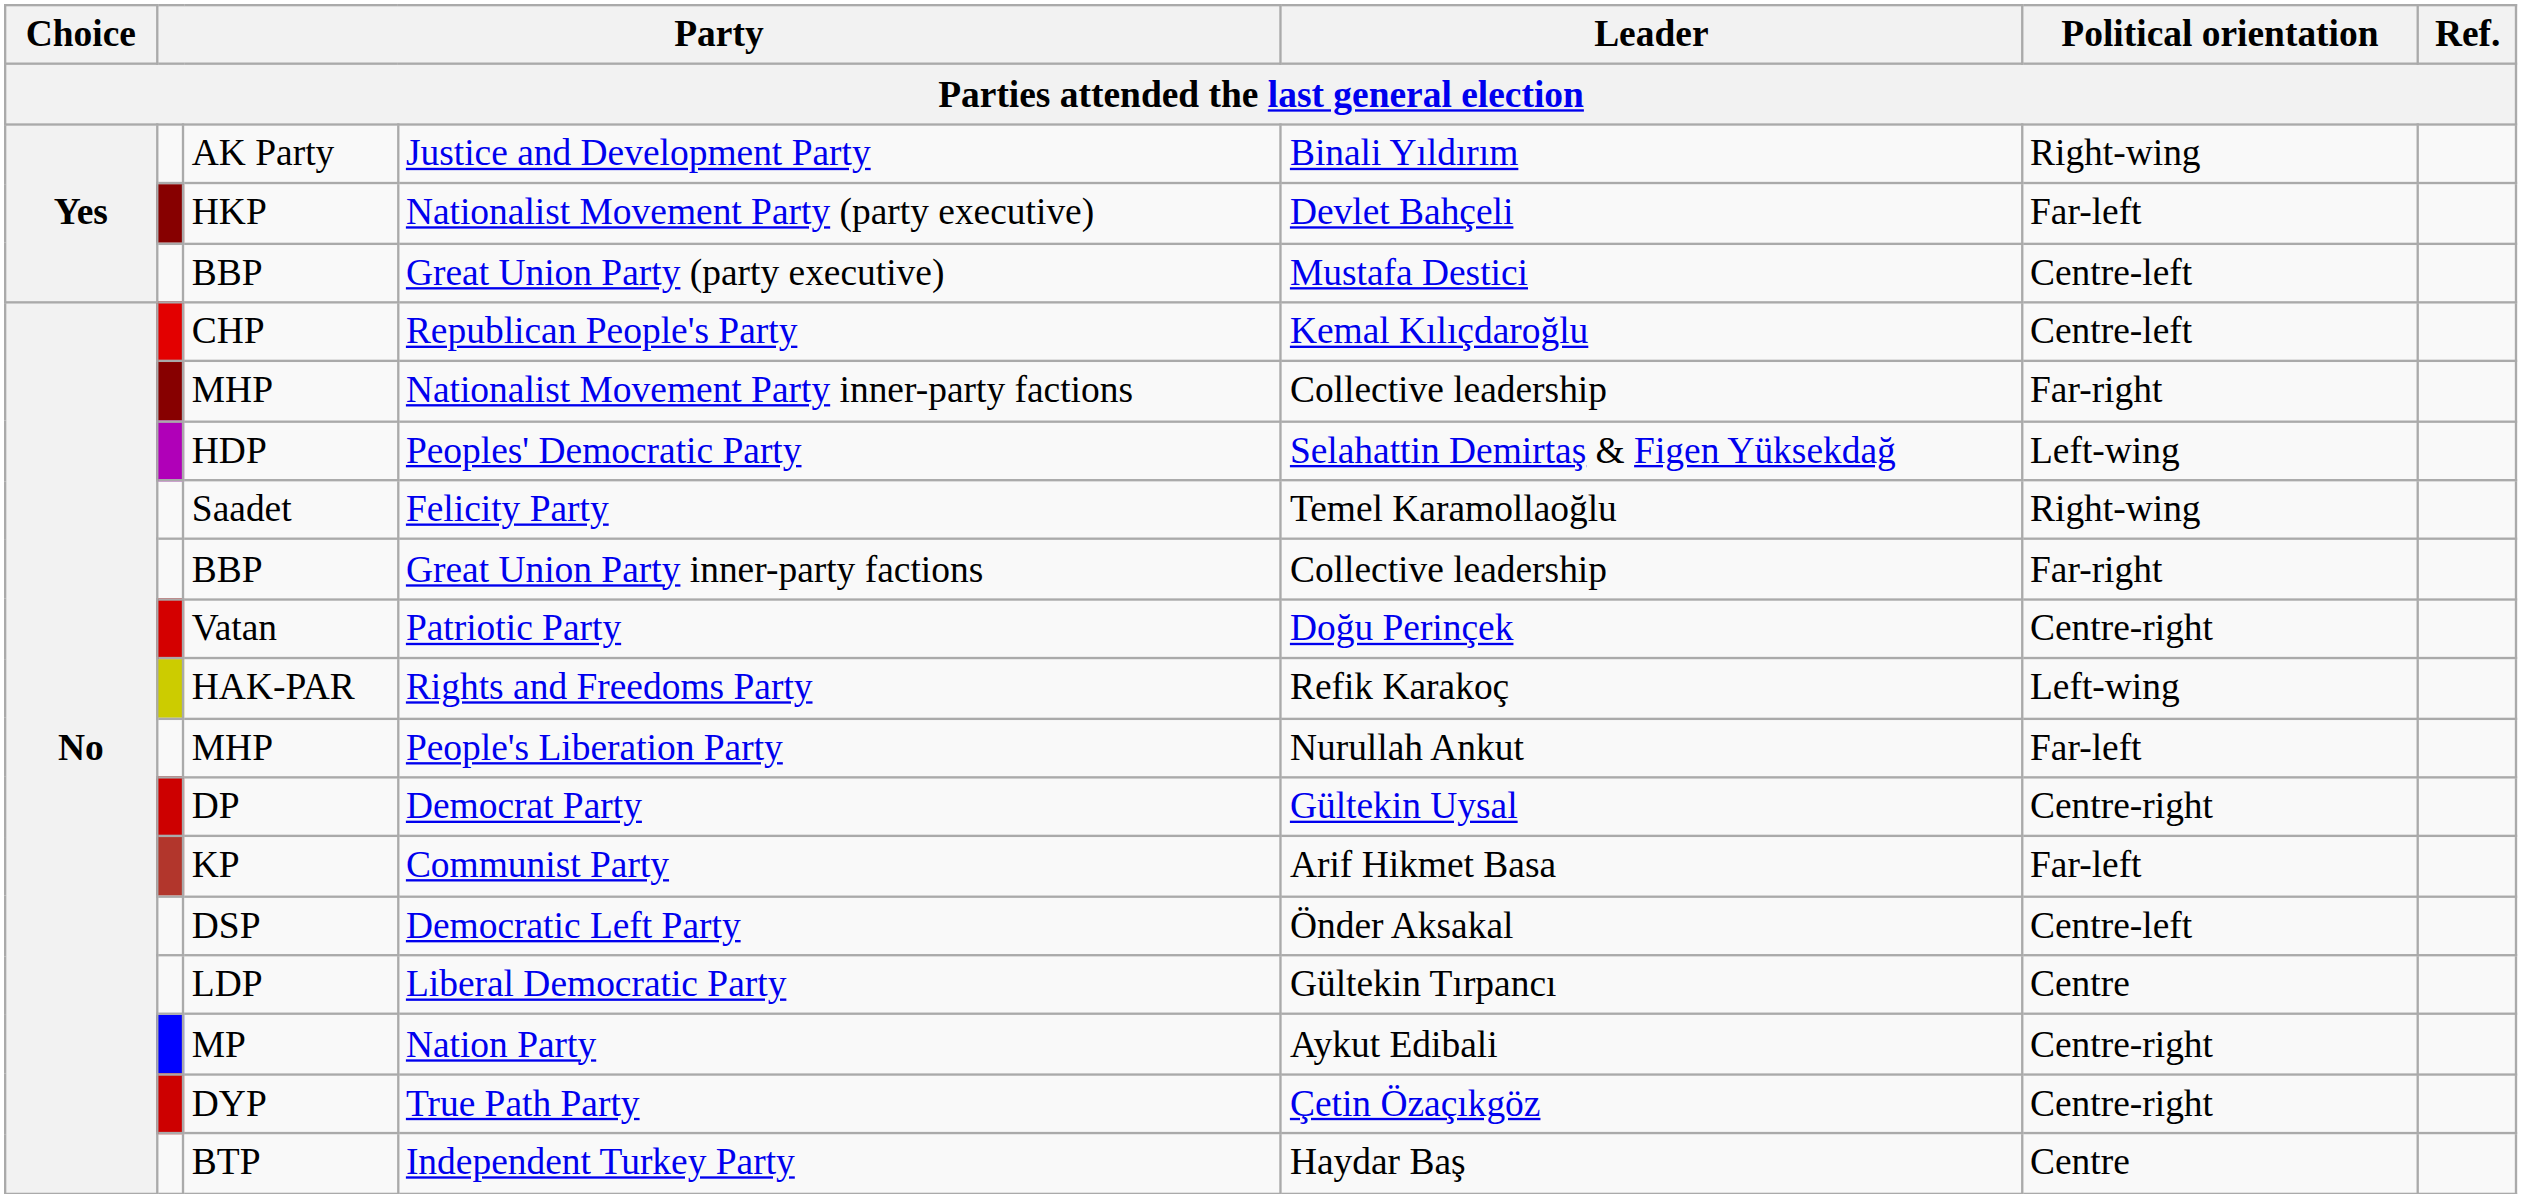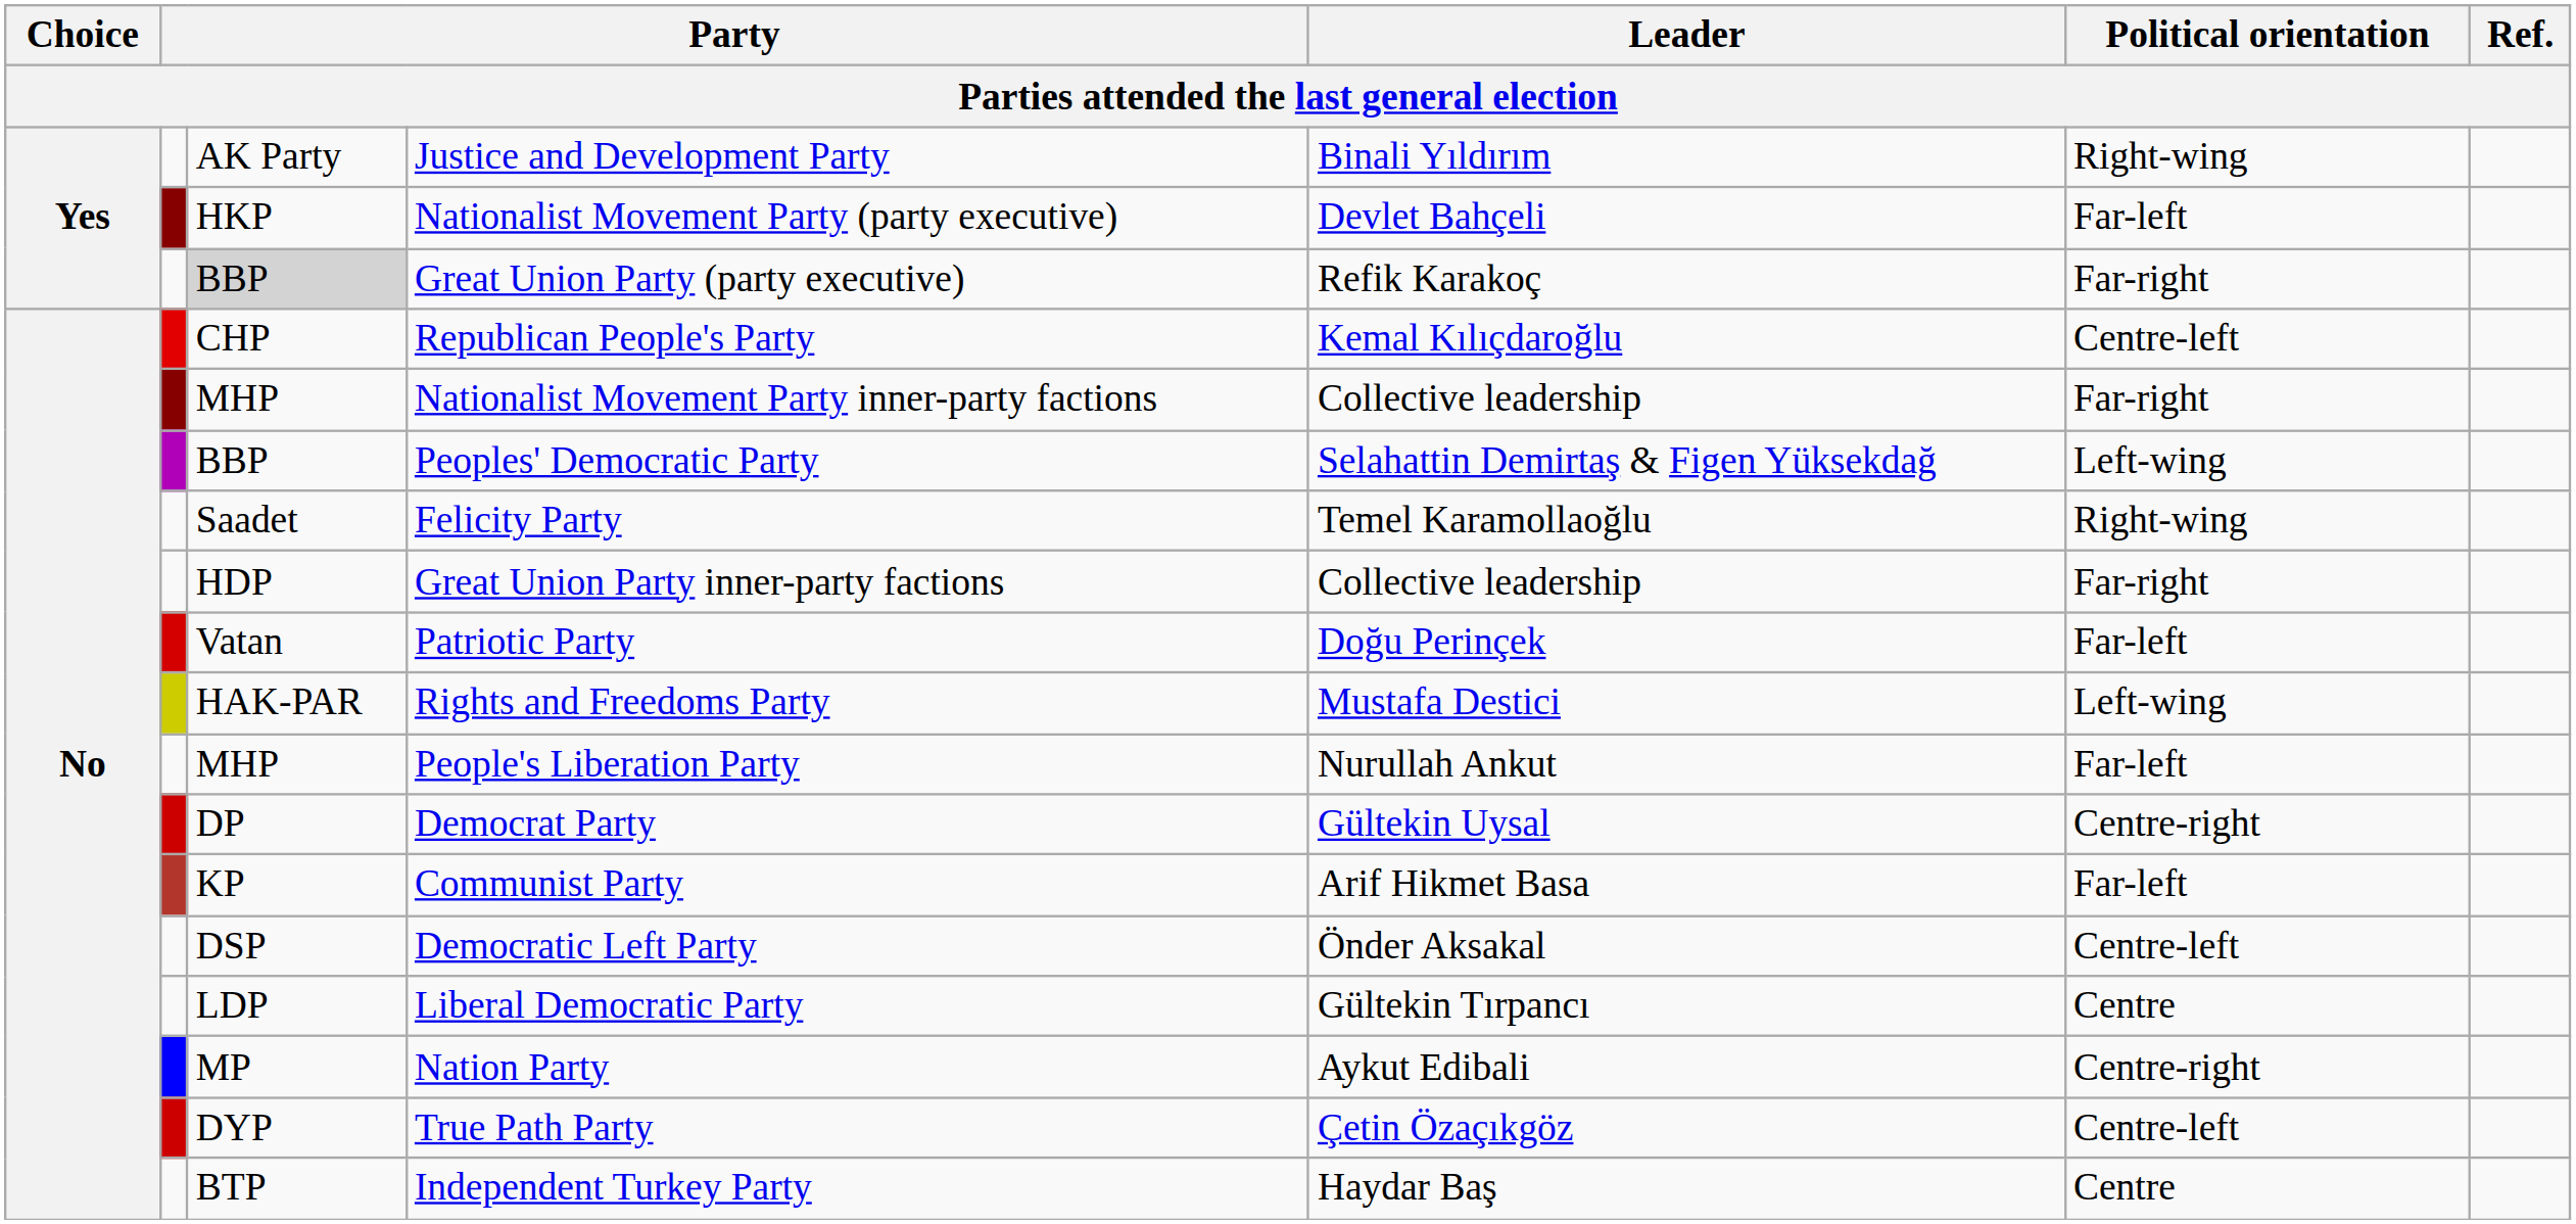 <table class="wikitable sortable collapsible collapsed" style="border:none;width:85%">
 <tr>
 <th>Choice</th>
 <th colspan="3">Party</th>
 <th>Leader</th>
 <th>Political orientation</th>
 <th>Ref.</th>
 </tr>
 <tr>
 <th colspan="7"><strong>Parties</strong> attended the <a href='#'>last general election</a></th>
 </tr>
 <tr>
 <th rowspan=3> Yes</th>
 <td style="background:"></td>
 <td>AK Party</td>
 <td><a href='#'>Justice and Development Party</a></td>
 <td><a href='#'>Binali Yıldırım</a></td>
 <td>Right-wing</td>
 <td></td>
 </tr>
 <tr>
 <td style="background:#870000; width:4px; text-align:center;"></td>
 <td>HKP</td>
 <td><a href='#'>Nationalist Movement Party</a> (party executive)</td>
 <td><a href='#'>Devlet Bahçeli</a></td>
 <td>Far-left</td>
 <td></td>
 </tr>
 <tr>
 <td style="background:"></td>
-<td>BBP</td>
+<td style="background: lightgrey;">BBP</td>
 <td><a href='#'>Great Union Party</a> (party executive)</td>
-<td><a href='#'>Mustafa Destici</a></td>
-<td>Centre-left</td>
+<td>Refik Karakoç</td>
+<td>Far-right</td>
 <td></td>
 </tr>
 <tr>
 <th rowspan=15> No</th>
 <td style="background:#e30000; width:4px; text-align:center;"></td>
 <td>CHP</td>
 <td><a href='#'>Republican People's Party</a></td>
 <td><a href='#'>Kemal Kılıçdaroğlu</a></td>
 <td>Centre-left</td>
 <td></td>
 </tr>
 <tr>
 <td style="background:#870000; width:4px; text-align:center;"></td>
 <td>MHP</td>
 <td><a href='#'>Nationalist Movement Party</a> inner-party factions</td>
 <td>Collective leadership</td>
 <td>Far-right</td>
 <td></td>
 </tr>
 <tr>
 <td style="background:#b000b8; width:4px; text-align:center;"></td>
-<td>HDP</td>
+<td>BBP</td>
 <td><a href='#'>Peoples' Democratic Party</a></td>
 <td><a href='#'>Selahattin Demirtaş</a> & <a href='#'>Figen Yüksekdağ</a></td>
 <td>Left-wing</td>
 <td></td>
 </tr>
 <tr>
 <td style="background:"></td>
 <td>Saadet</td>
 <td><a href='#'>Felicity Party</a></td>
 <td>Temel Karamollaoğlu</td>
 <td>Right-wing</td>
 <td></td>
 </tr>
 <tr>
 <td style="background:"></td>
-<td>BBP</td>
+<td>HDP</td>
 <td><a href='#'>Great Union Party</a> inner-party factions</td>
 <td>Collective leadership</td>
 <td>Far-right</td>
 <td></td>
 </tr>
 <tr>
 <td style="background:#d40000; width:4px; text-align:center;"></td>
 <td>Vatan</td>
 <td><a href='#'>Patriotic Party</a></td>
 <td><a href='#'>Doğu Perinçek</a></td>
-<td>Centre-right</td>
+<td>Far-left</td>
 <td></td>
 </tr>
 <tr>
 <td style="background:#cc0; width:4px; text-align:center;"></td>
 <td>HAK-PAR</td>
 <td><a href='#'>Rights and Freedoms Party</a></td>
-<td>Refik Karakoç</td>
+<td><a href='#'>Mustafa Destici</a></td>
 <td>Left-wing</td>
 <td></td>
 </tr>
 <tr>
 <td style="background:"></td>
 <td>MHP</td>
 <td><a href='#'>People's Liberation Party</a></td>
 <td>Nurullah Ankut</td>
 <td>Far-left</td>
 <td></td>
 </tr>
 <tr>
 <td style="background:#CD0000; width:4px; text-align:center;"></td>
 <td>DP</td>
 <td><a href='#'>Democrat Party</a></td>
 <td><a href='#'>Gültekin Uysal</a></td>
 <td>Centre-right</td>
 <td></td>
 </tr>
 <tr>
 <td style="background:#B2362C; width:4px; text-align:center;"></td>
 <td>KP</td>
 <td><a href='#'>Communist Party</a></td>
 <td>Arif Hikmet Basa</td>
 <td>Far-left</td>
 <td></td>
 </tr>
 <tr>
 <td style="background:"></td>
 <td>DSP</td>
 <td><a href='#'>Democratic Left Party</a></td>
 <td>Önder Aksakal</td>
 <td>Centre-left</td>
 <td></td>
 </tr>
 <tr>
 <td style="background:"></td>
 <td>LDP</td>
 <td><a href='#'>Liberal Democratic Party</a></td>
 <td>Gültekin Tırpancı</td>
 <td>Centre</td>
 <td></td>
 </tr>
 <tr>
 <td style="background:#00f; width:4px; text-align:center;"></td>
 <td>MP</td>
 <td><a href='#'>Nation Party</a></td>
 <td>Aykut Edibali</td>
 <td>Centre-right</td>
 <td></td>
 </tr>
 <tr>
 <td style="background:#CD0000; width:4px; text-align:center;"></td>
 <td>DYP</td>
 <td><a href='#'>True Path Party</a></td>
 <td><a href='#'>Çetin Özaçıkgöz</a></td>
-<td>Centre-right</td>
+<td>Centre-left</td>
 <td></td>
 </tr>
 <tr | Neutral>
 <td style="background:"></td>
 <td>BTP</td>
 <td><a href='#'>Independent Turkey Party</a></td>
 <td>Haydar Baş</td>
 <td>Centre</td>
 <td></td>
 </tr>
 </table>
